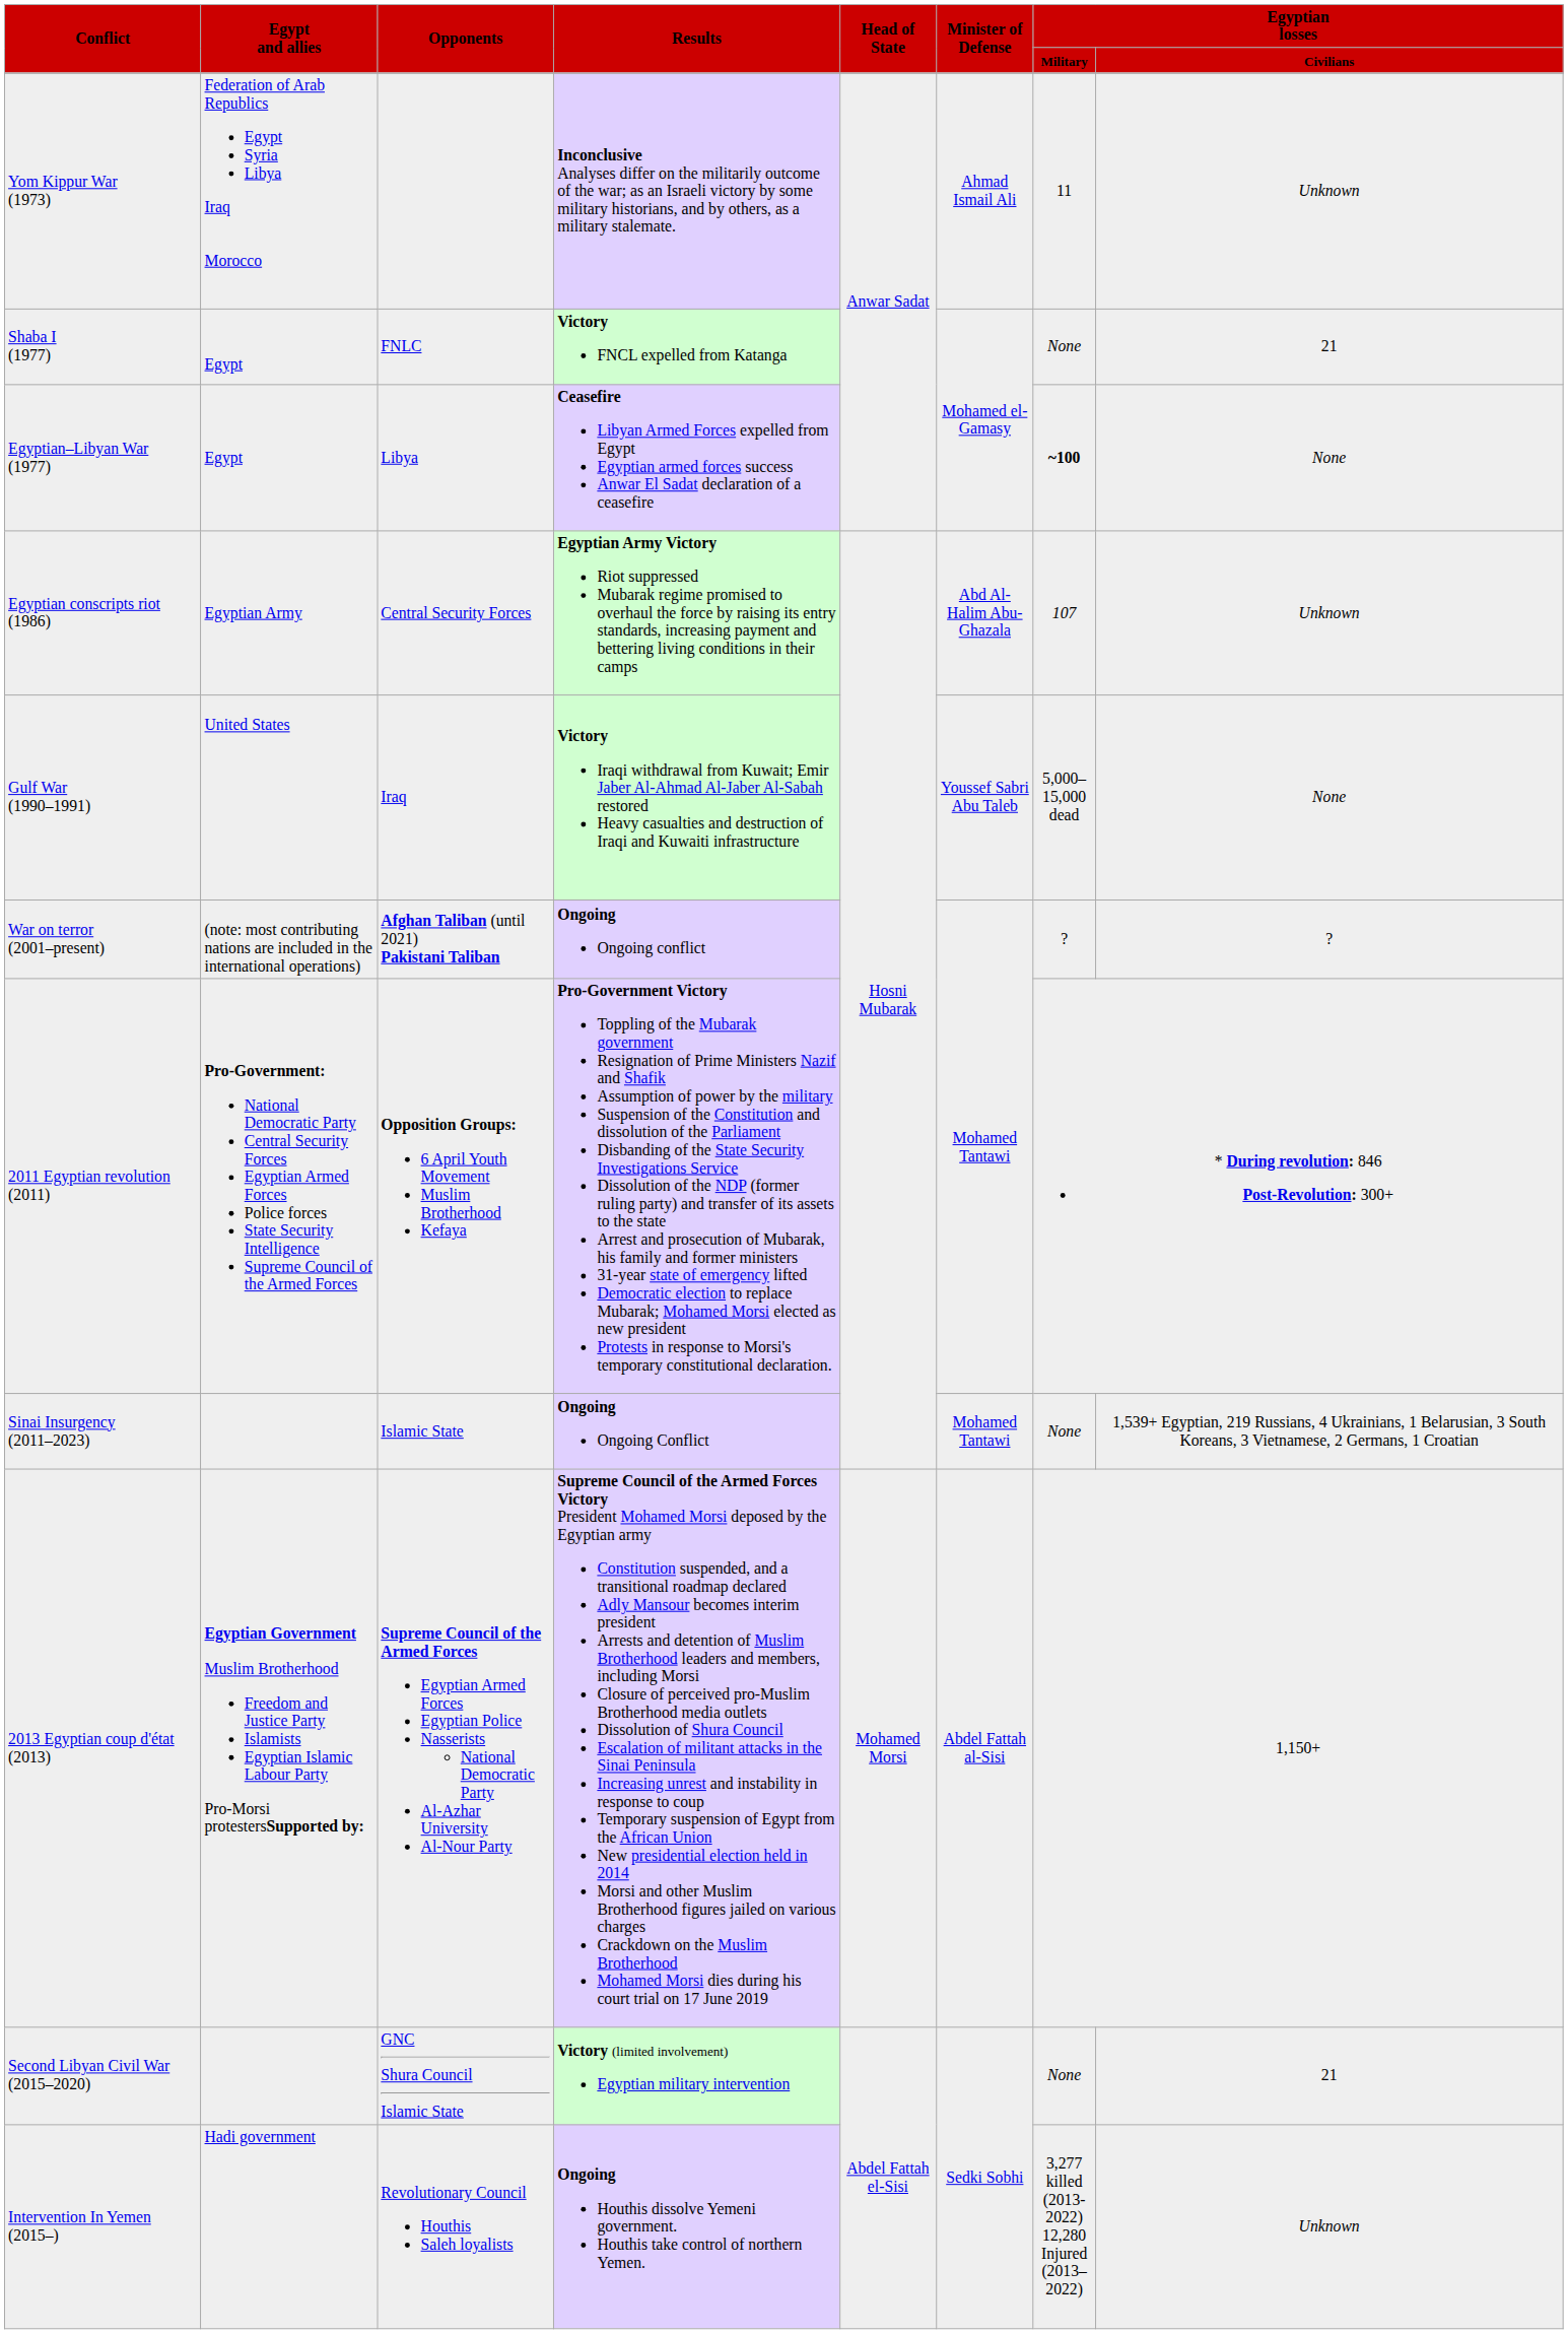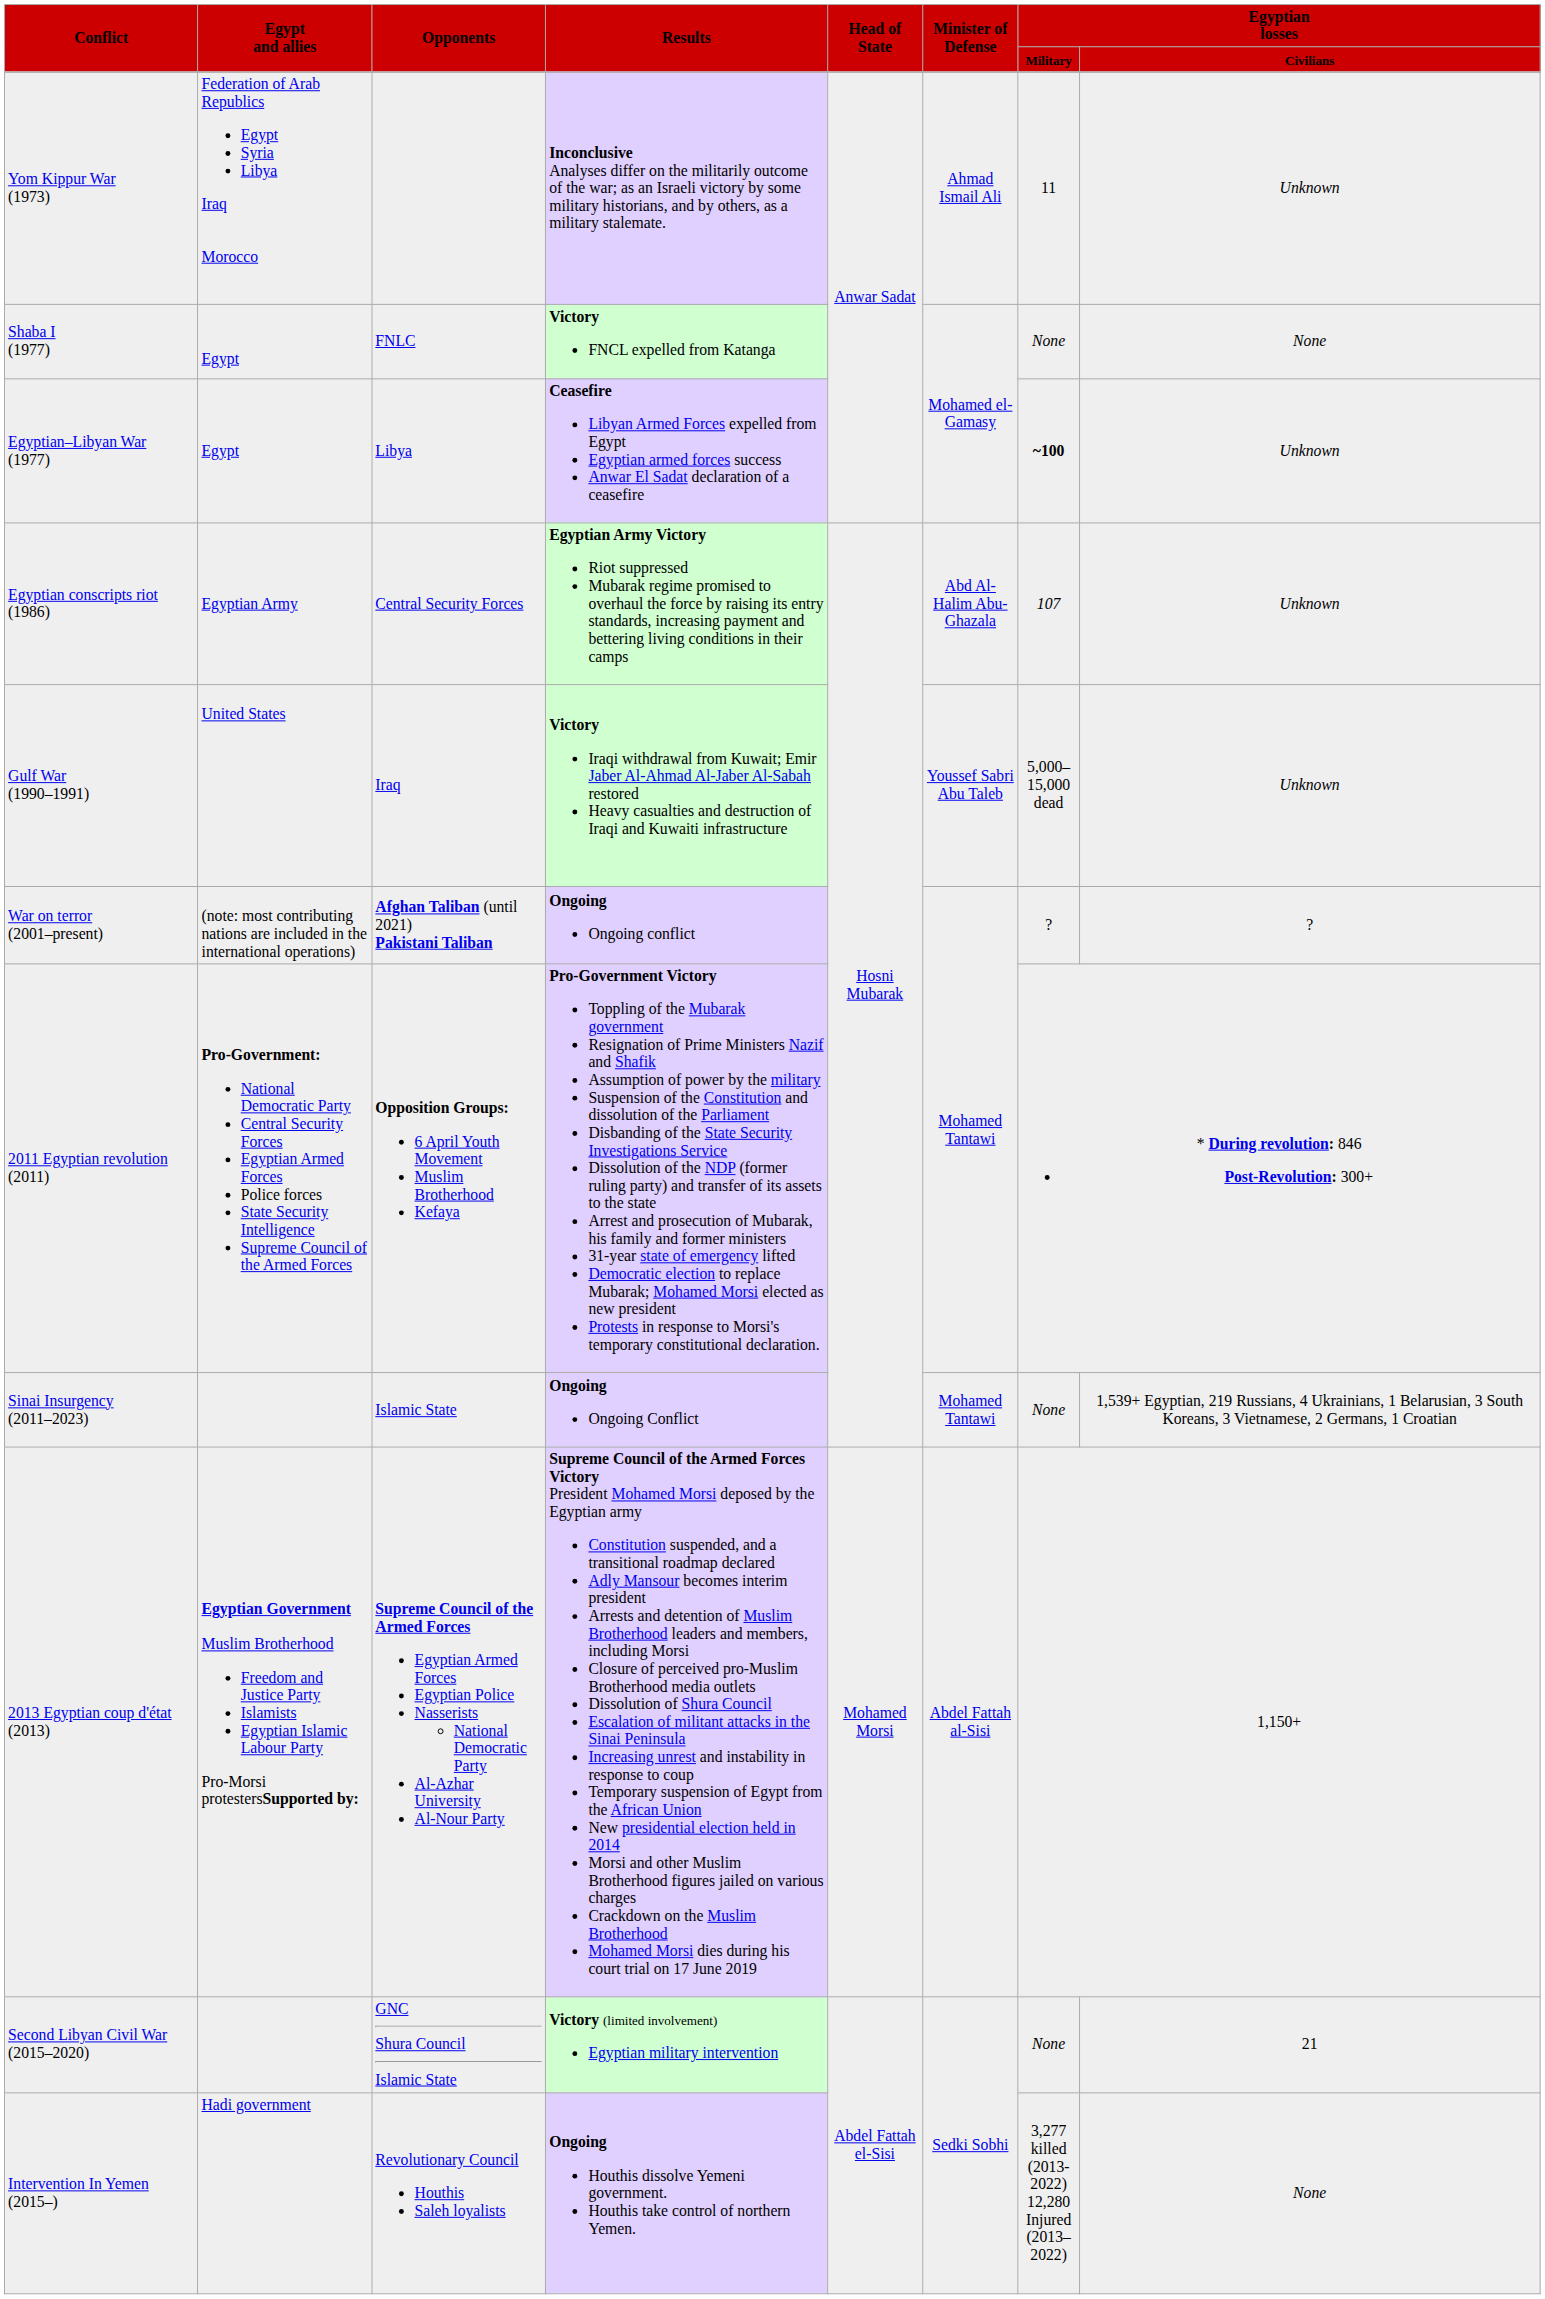 <table class="wikitable">
 <tr>
 <th style="background:#CC0000" rowspan="2" width=190px><span>Conflict</span></th>
 <th style="background:#CC0000" rowspan="2" width=170px><span>Egypt<br>and allies</span></th>
 <th style="background:#CC0000" rowspan="2" width=170px><span>Opponents</span></th>
 <th style="background:#CC0000" rowspan="2" width=280px><span>Results</span></th>
 <th style="background:#CC0000" rowspan="2" width=90px><span>Head of State</span></th>
 <th style="background:#CC0000" rowspan="2" width=90px><span>Minister of<br>Defense</span></th>
 <th style="background:#CC0000" colspan="2"><span>Egyptian<br>losses</span></th>
 </tr>
 <tr>
 <th style="background:#CC0000" rowspan="1" width=55px><span><small>Military</small></span></th>
 <th style="background:#CC0000" rowspan="1" width=><span><small>Civilians</small></span></th>
 </tr>
 <tr>
 </tr>
 <tr>
 <td style="background:#efefef"><a href='#'>Yom Kippur War</a> <br>(1973)</td>
 <td style="background:#efefef"> <a href='#'>Federation of Arab Republics</a><br><ul><li> <a href='#'>Egypt</a></li><li> <a href='#'>Syria</a></li><li> <a href='#'>Libya</a></li></ul> <a href='#'>Iraq</a><br><br><br> <a href='#'>Morocco</a><br><br><br></td>
 <td style="background:#efefef"></td>
 <td style="background:#E0D0FF"><strong>Inconclusive</strong><br>Analyses differ on the militarily outcome of the war; as an Israeli victory by some military historians, and by others, as a military stalemate.</td>
 <td style="background:#efefef;text-align:center;" rowspan=3><a href='#'>Anwar Sadat</a></td>
 <td style="background:#efefef;text-align:center;"><a href='#'>Ahmad Ismail Ali</a></td>
 <td style="background:#efefef;text-align:center;">11</td>
 <td style="background:#efefef;text-align:center;"><em>Unknown</em></td>
 </tr>
 <tr>
 <td style="background:#efefef"><a href='#'>Shaba I</a><br>(1977)</td>
 <td style="background:#efefef"><br><br> <a href='#'>Egypt</a></td>
 <td style="background:#efefef"> <a href='#'>FNLC</a></td>
 <td style="background:#D0FFD0"><strong>Victory</strong><br><ul><li>FNCL expelled from Katanga</li></ul></td>
 <td style="background:#efefef;text-align:center;" rowspan=2><a href='#'>Mohamed el-Gamasy</a></td>
 <td style="background:#efefef;text-align:center;"><em>None</em></td>
-<td style="background:#efefef;text-align:center;">21</td>
+<td style="background:#efefef;text-align:center;"><em>None</em></td>
 </tr>
 <tr>
 <td style="background:#efefef"><a href='#'>Egyptian–Libyan War</a><br>(1977)</td>
 <td style="background:#efefef"> <a href='#'>Egypt</a></td>
 <td style="background:#efefef"> <a href='#'>Libya</a></td>
 <td style="background:#E0D0FF"><strong>Ceasefire</strong><br><ul><li><a href='#'>Libyan Armed Forces</a> expelled from Egypt</li><li><a href='#'>Egyptian armed forces</a> success</li><li><a href='#'>Anwar El Sadat</a> declaration of a ceasefire</li></ul></td>
 <td style="background:#efefef;text-align:center;"><strong>~100</strong></td>
-<td style="background:#efefef;text-align:center;"><em>None</em></td>
+<td style="background:#efefef;text-align:center;"><em>Unknown</em></td>
 </tr>
 <tr>
 <td style="background:#efefef"><a href='#'>Egyptian conscripts riot</a><br>(1986)</td>
 <td style="background:#efefef"> <a href='#'>Egyptian Army</a></td>
 <td style="background:#efefef"> <a href='#'>Central Security Forces</a></td>
 <td style="background:#D0FFD0"><strong>Egyptian Army Victory</strong><br><ul><li>Riot suppressed</li><li>Mubarak regime promised to overhaul the force by raising its entry standards, increasing payment and bettering living conditions in their camps</li></ul></td>
 <td style="background:#efefef;text-align:center;" rowspan=5><a href='#'>Hosni Mubarak</a></td>
 <td style="background:#efefef;text-align:center;"><a href='#'>Abd Al-Halim Abu-Ghazala</a></td>
 <td style="background:#efefef;text-align:center;"><em> 107</em></td>
 <td style="background:#efefef;text-align:center;"><em>Unknown</em></td>
 </tr>
 <tr>
 <td style="background:#efefef"><a href='#'>Gulf War</a> <br>(1990–1991)</td>
 <td style="background:#efefef"><br> <a href='#'>United States</a><br><br><br><br><br><br><br><br><br><br></td>
 <td style="background:#efefef"> <a href='#'>Iraq</a></td>
 <td style="background:#D0FFD0"><strong>Victory</strong><br><ul><li>Iraqi withdrawal from Kuwait; Emir <a href='#'>Jaber Al-Ahmad Al-Jaber Al-Sabah</a> restored</li><li>Heavy casualties and destruction of Iraqi and Kuwaiti infrastructure</li></ul></td>
 <td style="background:#efefef;text-align:center;"><a href='#'>Youssef Sabri Abu Taleb</a></td>
 <td style="background:#efefef;text-align:center;">5,000–15,000 dead</td>
-<td style="background:#efefef;text-align:center;"><em>None</em></td>
+<td style="background:#efefef;text-align:center;"><em>Unknown</em></td>
 </tr>
 <tr>
 <td style="background:#efefef"><a href='#'>War on terror</a> <br>(2001–present)</td>
 <td style="background:#efefef"><br> (note: most contributing nations are included in the international operations)</td>
 <td style="background:#efefef"> <strong><a href='#'>Afghan Taliban</a></strong> (until 2021)<br> <strong><a href='#'>Pakistani Taliban</a></strong><br> </td>
 <td style="background:#E0D0FF"><strong>Ongoing</strong><br><ul><li>Ongoing conflict</li></ul></td>
 <td style="background:#efefef;text-align:center;" rowspan=2><a href='#'>Mohamed Tantawi</a></td>
 <td style="background:#efefef;text-align:center;">?</td>
 <td style="background:#efefef;text-align:center;">?</td>
 </tr>
 <tr>
 <td style="background:#efefef"><a href='#'>2011 Egyptian revolution</a><br>(2011)</td>
 <td style="background:#efefef"> <strong>Pro-Government:</strong><br><ul><li><a href='#'>National Democratic Party</a></li><li><a href='#'>Central Security Forces</a></li><li><a href='#'>Egyptian Armed Forces</a></li><li>Police forces</li><li><a href='#'>State Security Intelligence</a></li><li><a href='#'>Supreme Council of the Armed Forces</a></li></ul></td>
 <td style="background:#efefef"> <strong>Opposition Groups:</strong><br><ul><li><a href='#'>6 April Youth Movement</a></li><li><a href='#'>Muslim Brotherhood</a></li><li><a href='#'>Kefaya</a></li></ul></td>
 <td style="background:#E0D0FF"><strong>Pro-Government Victory</strong><br><ul><li>Toppling of the <a href='#'>Mubarak government</a></li><li>Resignation of Prime Ministers <a href='#'>Nazif</a> and <a href='#'>Shafik</a></li><li>Assumption of power by the <a href='#'>military</a></li><li>Suspension of the <a href='#'>Constitution</a> and dissolution of the <a href='#'>Parliament</a></li><li>Disbanding of the <a href='#'>State Security Investigations Service</a></li><li>Dissolution of the <a href='#'>NDP</a> (former ruling party) and transfer of its assets to the state</li><li>Arrest and prosecution of Mubarak, his family and former ministers</li><li>31-year <a href='#'>state of emergency</a> lifted</li><li><a href='#'>Democratic election</a> to replace Mubarak; <a href='#'>Mohamed Morsi</a> elected as new president</li><li><a href='#'>Protests</a> in response to Morsi's temporary constitutional declaration.</li></ul></td>
 <td style="background:#efefef;text-align:center;" colspan=2>* <strong><a href='#'>During revolution</a>:</strong> 846<br><ul><li><strong><a href='#'>Post-Revolution</a>:</strong> 300+</li></ul></td>
 </tr>
 <tr>
 <td style="background:#efefef"><a href='#'>Sinai Insurgency</a><br>(2011–2023)</td>
 <td style="background:#efefef"><br><br></td>
 <td style="background:#efefef"> <a href='#'>Islamic State</a></td>
 <td style="background:#E0D0FF"><strong>Ongoing</strong><br><ul><li>Ongoing Conflict</li></ul></td>
 <td style="background:#efefef;text-align:center;"><a href='#'>Mohamed Tantawi</a></td>
 <td style="background:#efefef;text-align:center;"><em>None</em></td>
 <td style="background:#efefef;text-align:center;">1,539+ Egyptian, 219 Russians, 4 Ukrainians, 1 Belarusian, 3 South Koreans, 3 Vietnamese, 2 Germans, 1 Croatian</td>
 </tr>
 <tr>
 <td style="background:#efefef"><a href='#'>2013 Egyptian coup d'état</a><br>(2013)</td>
 <td style="background:#efefef"> <strong><a href='#'>Egyptian Government</a></strong><br><br> <a href='#'>Muslim Brotherhood</a><ul><li> <a href='#'>Freedom and Justice Party</a></li><li> <a href='#'>Islamists</a></li><li> <a href='#'>Egyptian Islamic Labour Party</a></li></ul> Pro-Morsi protesters<strong>Supported by:</strong><br><br><br></td>
 <td style="background:#efefef"> <strong><a href='#'>Supreme Council of the Armed Forces</a></strong><br><ul><li> <a href='#'>Egyptian Armed Forces</a></li><li> <a href='#'>Egyptian Police</a></li><li> <a href='#'>Nasserists</a><ul><li> <a href='#'>National Democratic Party</a></li></ul></li><li> <a href='#'>Al-Azhar University</a></li><li> <a href='#'>Al-Nour Party</a></li></ul></td>
 <td style="background:#E0D0FF"><strong>Supreme Council of the Armed Forces Victory</strong><br>President <a href='#'>Mohamed Morsi</a> deposed by the Egyptian army<ul><li><a href='#'>Constitution</a> suspended, and a transitional roadmap declared</li><li><a href='#'>Adly Mansour</a> becomes interim president</li><li>Arrests and detention of <a href='#'>Muslim Brotherhood</a> leaders and members, including Morsi</li><li>Closure of perceived pro-Muslim Brotherhood media outlets</li><li>Dissolution of <a href='#'>Shura Council</a></li><li><a href='#'>Escalation of militant attacks in the Sinai Peninsula</a></li><li><a href='#'>Increasing unrest</a> and instability in response to coup</li><li>Temporary suspension of Egypt from the <a href='#'>African Union</a></li><li>New <a href='#'>presidential election held in 2014</a></li><li>Morsi and other Muslim Brotherhood figures jailed on various charges</li><li>Crackdown on the <a href='#'>Muslim Brotherhood</a></li><li><a href='#'>Mohamed Morsi</a> dies during his court trial on 17 June 2019</li></ul></td>
 <td style="background:#efefef;text-align:center;" rowspan=1><a href='#'>Mohamed Morsi</a></td>
 <td style="background:#efefef;text-align:center;"><a href='#'>Abdel Fattah al-Sisi</a></td>
 <td style="background:#efefef;text-align:center;" colspan=2>1,150+</td>
 </tr>
 <tr>
 <td style="background:#efefef"><a href='#'>Second Libyan Civil War</a><br>(2015–2020)</td>
 <td style="background:#efefef"><br><br></td>
 <td style="background:#efefef"> <a href='#'>GNC</a><hr> <a href='#'>Shura Council</a><hr> <a href='#'>Islamic State</a></td>
 <td style="background:#D0FFD0"><strong>Victory</strong> <small>(limited involvement)</small><br><ul><li><a href='#'>Egyptian military intervention</a></li></ul></td>
 <td style="background:#efefef;text-align:center;" rowspan=2><a href='#'>Abdel Fattah el-Sisi</a></td>
 <td style="background:#efefef;text-align:center;" rowspan=2><a href='#'>Sedki Sobhi</a></td>
 <td style="background:#efefef;text-align:center;"><em>None</em></td>
 <td style="background:#efefef;text-align:center;">21</td>
 </tr>
 <tr>
 <td style="background:#efefef"><a href='#'>Intervention In Yemen</a> <br> (2015–)</td>
 <td style="background:#efefef"> <a href='#'>Hadi government</a><br><br><br><br><br><br><br><br><br><br><br></td>
 <td style="background:#efefef"> <a href='#'>Revolutionary Council</a><br><ul><li> <a href='#'>Houthis</a></li><li> <a href='#'>Saleh loyalists</a></li></ul></td>
 <td style="background:#E0D0FF"><strong>Ongoing</strong><br><ul><li>Houthis dissolve Yemeni government.</li><li>Houthis take control of northern Yemen.</li></ul></td>
 <td style="background:#efefef;text-align:center;">3,277 killed (2013-2022) <br> 12,280 Injured (2013–2022)</td>
-<td style="background:#efefef;text-align:center;"><em>Unknown</em></td>
+<td style="background:#efefef;text-align:center;"><em>None</em></td>
 </tr>
 </table>
